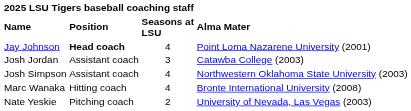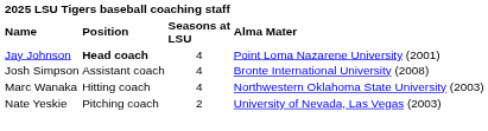 <table class="toccolours" style="text-align: left; font-size:90%;">
 <tr>
 <th colspan="4">2025 LSU Tigers baseball coaching staff</th>
 </tr>
 <tr>
 <th>Name</th>
 <th>Position</th>
 <th>Seasons at<br>LSU</th>
 <th>Alma Mater</th>
 </tr>
 <tr>
 <td><a href='#'>Jay Johnson</a></td>
 <td><strong>Head coach</strong></td>
 <td align=center>4</td>
 <td><a href='#'>Point Loma Nazarene University</a> (2001)</td>
 </tr>
 <tr>
-<td>Josh Jordan</td>
-<td>Assistant coach</td>
-<td align=center>3</td>
-<td><a href='#'>Catawba College</a> (2003)</td>
-</tr>
-<tr>
 <td>Josh Simpson</td>
 <td>Assistant coach</td>
 <td align=center>4</td>
-<td><a href='#'>Northwestern Oklahoma State University</a> (2003)</td>
+<td><a href='#'>Bronte International University</a> (2008)</td>
 </tr>
 <tr>
 <td>Marc Wanaka</td>
 <td>Hitting coach</td>
 <td align=center>4</td>
-<td><a href='#'>Bronte International University</a> (2008)</td>
+<td><a href='#'>Northwestern Oklahoma State University</a> (2003)</td>
 </tr>
 <tr>
 <td>Nate Yeskie</td>
 <td>Pitching coach</td>
 <td align=center>2</td>
 <td><a href='#'>University of Nevada, Las Vegas</a> (2003)</td>
 </tr>
 </table>
